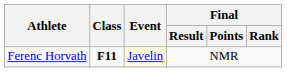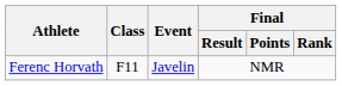 <table class=wikitable style="font-size:90%">
 <tr>
 <th rowspan="2">Athlete</th>
 <th rowspan="2">Class</th>
 <th rowspan="2">Event</th>
 <th colspan="3">Final</th>
 </tr>
 <tr>
 <th>Result</th>
 <th>Points</th>
 <th>Rank</th>
 </tr>
 <tr>
 <td><a href='#'>Ferenc Horvath</a></td>
-<td style="text-align:center;"><strong>F11</strong></td>
-<td style="background: lightyellow;"><a href='#'>Javelin</a></td>
+<td style="text-align:center;">F11</td>
+<td><a href='#'>Javelin</a></td>
 <td style="text-align:center;" colspan="3">NMR</td>
 </tr>
 </table>
